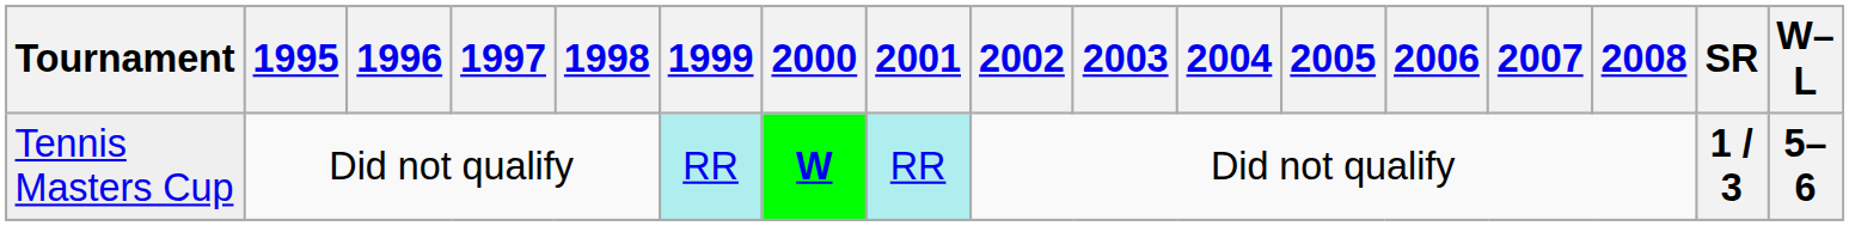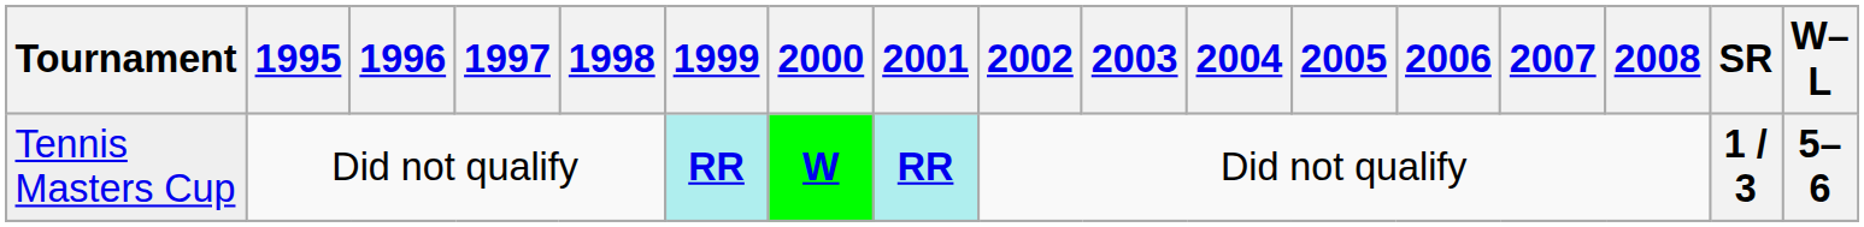 <table class=wikitable style=text-align:center;font-size:97%>
 <tr>
 <th>Tournament</th>
 <th><a href='#'>1995</a></th>
 <th><a href='#'>1996</a></th>
 <th><a href='#'>1997</a></th>
 <th><a href='#'>1998</a></th>
 <th><a href='#'>1999</a></th>
 <th><a href='#'>2000</a></th>
 <th><a href='#'>2001</a></th>
 <th><a href='#'>2002</a></th>
 <th><a href='#'>2003</a></th>
 <th><a href='#'>2004</a></th>
 <th><a href='#'>2005</a></th>
 <th><a href='#'>2006</a></th>
 <th><a href='#'>2007</a></th>
 <th><a href='#'>2008</a></th>
 <th>SR</th>
 <th>W–L</th>
 </tr>
 <tr>
 <td bgcolor="#EFEFEF" align="left"><a href='#'>Tennis Masters Cup</a></td>
 <td colspan="4">Did not qualify</td>
-<td bgcolor="#afeeee"><a href='#'>RR</a></td>
+<td bgcolor="#afeeee"><strong><a href='#'>RR</a></strong></td>
 <td bgcolor="lime"><strong><a href='#'>W</a></strong></td>
-<td bgcolor="#afeeee"><a href='#'>RR</a></td>
+<td bgcolor="#afeeee"><strong><a href='#'>RR</a></strong></td>
 <td colspan="7">Did not qualify</td>
 <th>1 / 3</th>
 <th>5–6</th>
 </tr>
 </table>
